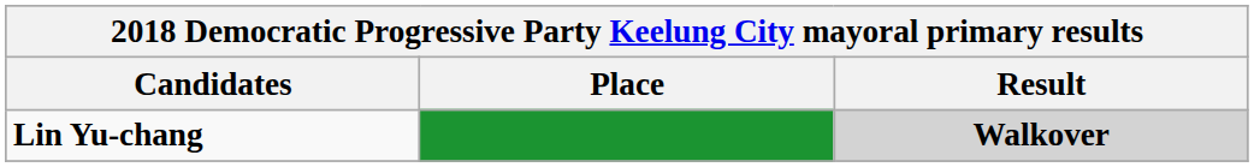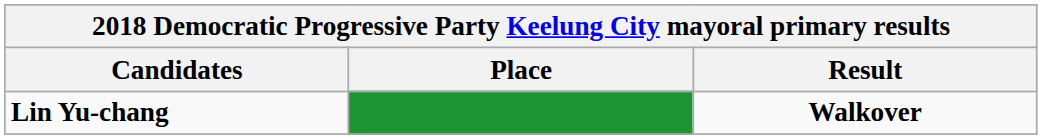 <table class="wikitable collapsible">
 <tr>
 <th colspan="5" width=600>2018 Democratic Progressive Party <a href='#'>Keelung City</a> mayoral primary results</th>
 </tr>
 <tr>
 <th width=80>Candidates</th>
 <th width=80>Place</th>
 <th width=80>Result</th>
 </tr>
 <tr>
 <td><strong>Lin Yu-chang</strong></td>
 <td style="background: #1B9431; text-align:center"><strong></strong></td>
-<td style="background: lightgrey; text-align:center"><strong>Walkover</strong></td>
+<td style="text-align:center"><strong>Walkover</strong></td>
 </tr>
 </table>
